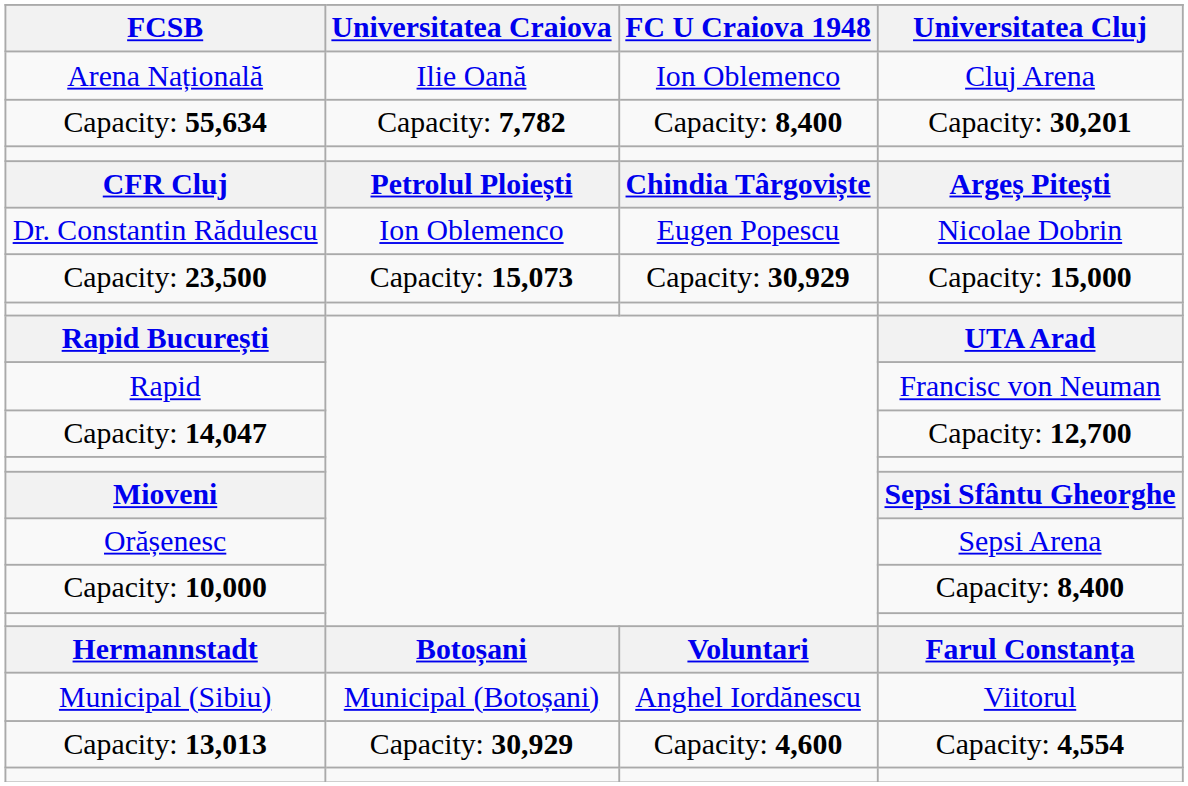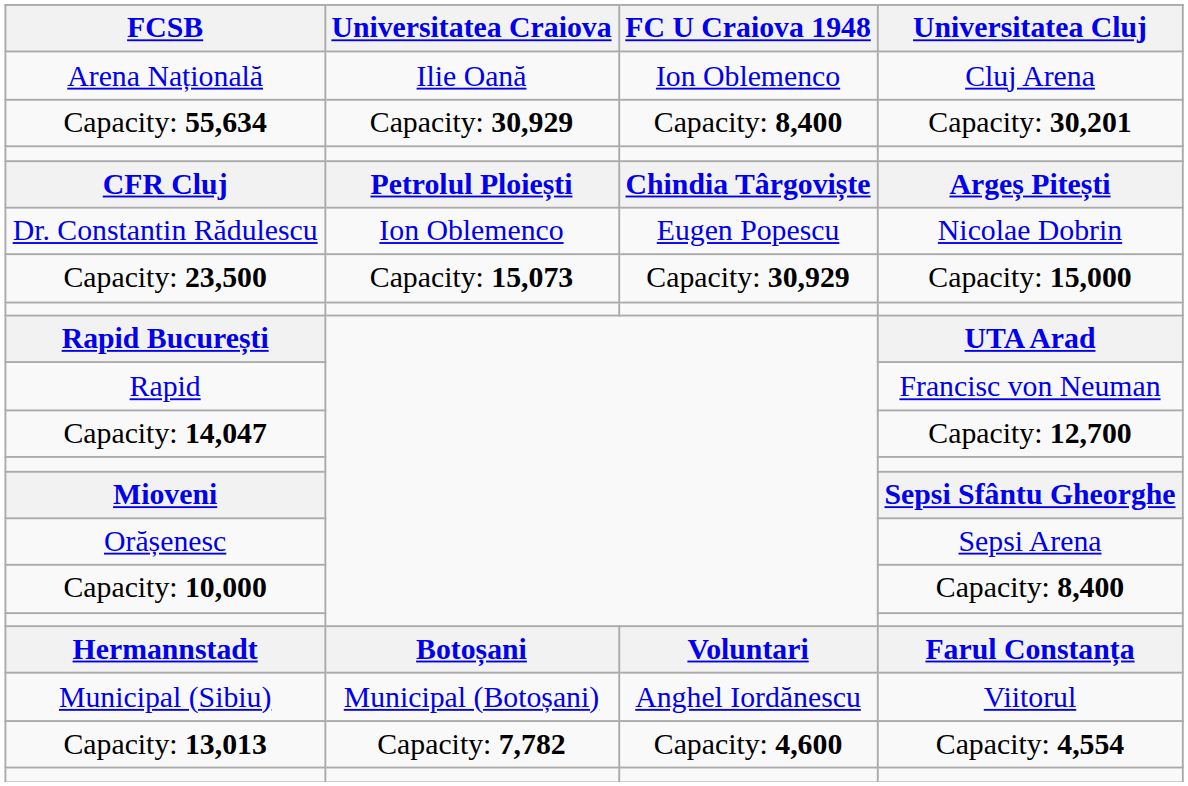 <table class="wikitable" style="text-align:center; margin:0.5em auto;">
 <tr>
 <th><a href='#'>FCSB</a></th>
 <th><a href='#'>Universitatea Craiova</a></th>
 <th><a href='#'>FC U Craiova 1948</a></th>
 <th><a href='#'>Universitatea Cluj</a></th>
 </tr>
 <tr>
 <td><a href='#'>Arena Națională</a></td>
 <td><a href='#'>Ilie Oană</a></td>
 <td><a href='#'>Ion Oblemenco</a></td>
 <td><a href='#'>Cluj Arena</a></td>
 </tr>
 <tr>
 <td>Capacity: <strong>55,634</strong></td>
-<td>Capacity: <strong>7,782</strong></td>
+<td>Capacity: <strong>30,929</strong></td>
 <td>Capacity: <strong>8,400</strong></td>
 <td>Capacity: <strong>30,201</strong></td>
 </tr>
 <tr>
 <td></td>
 <td></td>
 <td></td>
 <td></td>
 </tr>
 <tr>
 <th><a href='#'>CFR Cluj</a></th>
 <th><a href='#'>Petrolul Ploiești</a></th>
 <th><a href='#'>Chindia Târgoviște</a></th>
 <th><a href='#'>Argeș Pitești</a></th>
 </tr>
 <tr>
 <td><a href='#'>Dr. Constantin Rădulescu</a></td>
 <td><a href='#'>Ion Oblemenco</a></td>
 <td><a href='#'>Eugen Popescu</a></td>
 <td><a href='#'>Nicolae Dobrin</a></td>
 </tr>
 <tr>
 <td>Capacity: <strong>23,500</strong></td>
 <td>Capacity: <strong>15,073</strong></td>
 <td>Capacity: <strong>30,929</strong></td>
 <td>Capacity: <strong>15,000</strong></td>
 </tr>
 <tr>
 <td></td>
 <td></td>
 <td></td>
 <td></td>
 </tr>
 <tr>
 <th><a href='#'>Rapid București</a></th>
 <td colspan="2" rowspan="8"><br> </td>
 <th><a href='#'>UTA Arad</a></th>
 </tr>
 <tr>
 <td><a href='#'>Rapid</a></td>
 <td><a href='#'>Francisc von Neuman</a></td>
 </tr>
 <tr>
 <td>Capacity: <strong>14,047</strong></td>
 <td>Capacity: <strong>12,700</strong></td>
 </tr>
 <tr>
 <td></td>
 <td></td>
 </tr>
 <tr>
 <th><a href='#'>Mioveni</a></th>
 <th><a href='#'>Sepsi Sfântu Gheorghe</a></th>
 </tr>
 <tr>
 <td><a href='#'>Orășenesc</a></td>
 <td><a href='#'>Sepsi Arena</a></td>
 </tr>
 <tr>
 <td>Capacity: <strong>10,000</strong></td>
 <td>Capacity: <strong>8,400</strong></td>
 </tr>
 <tr>
 <td></td>
 <td></td>
 </tr>
 <tr>
 <th><a href='#'>Hermannstadt</a></th>
 <th><a href='#'>Botoșani</a></th>
 <th><a href='#'>Voluntari</a></th>
 <th><a href='#'>Farul Constanța</a></th>
 </tr>
 <tr>
 <td><a href='#'>Municipal (Sibiu)</a></td>
 <td><a href='#'>Municipal (Botoșani)</a></td>
 <td><a href='#'>Anghel Iordănescu</a></td>
 <td><a href='#'>Viitorul</a></td>
 </tr>
 <tr>
 <td>Capacity: <strong>13,013</strong></td>
-<td>Capacity: <strong>30,929</strong></td>
+<td>Capacity: <strong>7,782</strong></td>
 <td>Capacity: <strong>4,600</strong></td>
 <td>Capacity: <strong>4,554</strong></td>
 </tr>
 <tr>
 <td></td>
 <td></td>
 <td></td>
 <td></td>
 </tr>
 </table>
